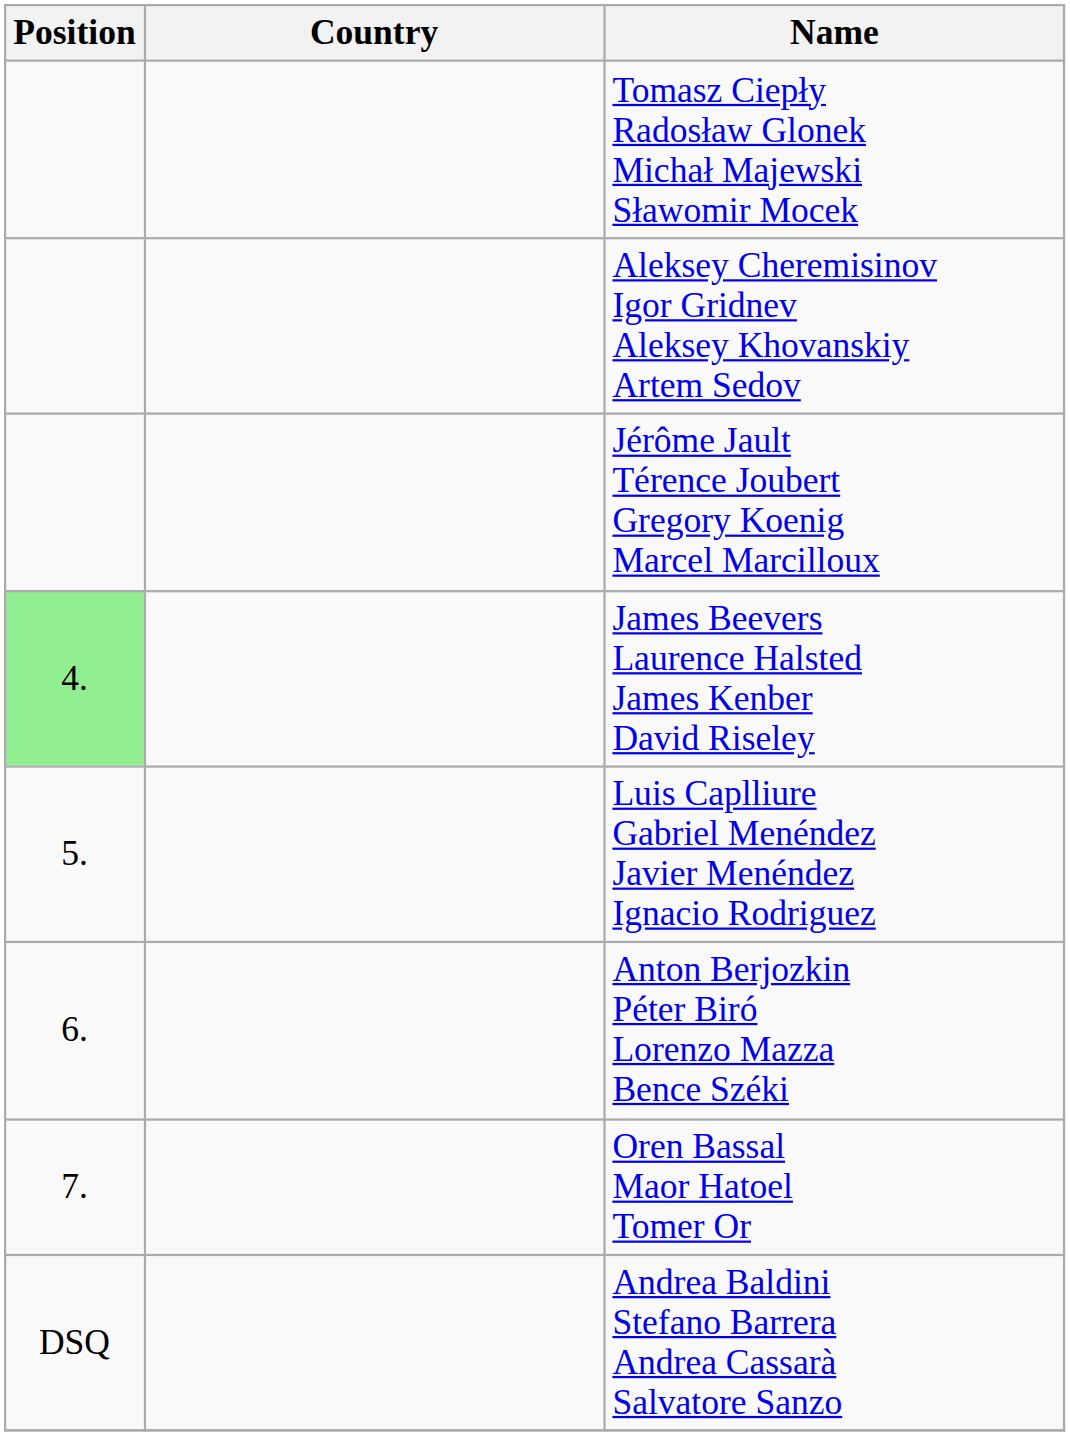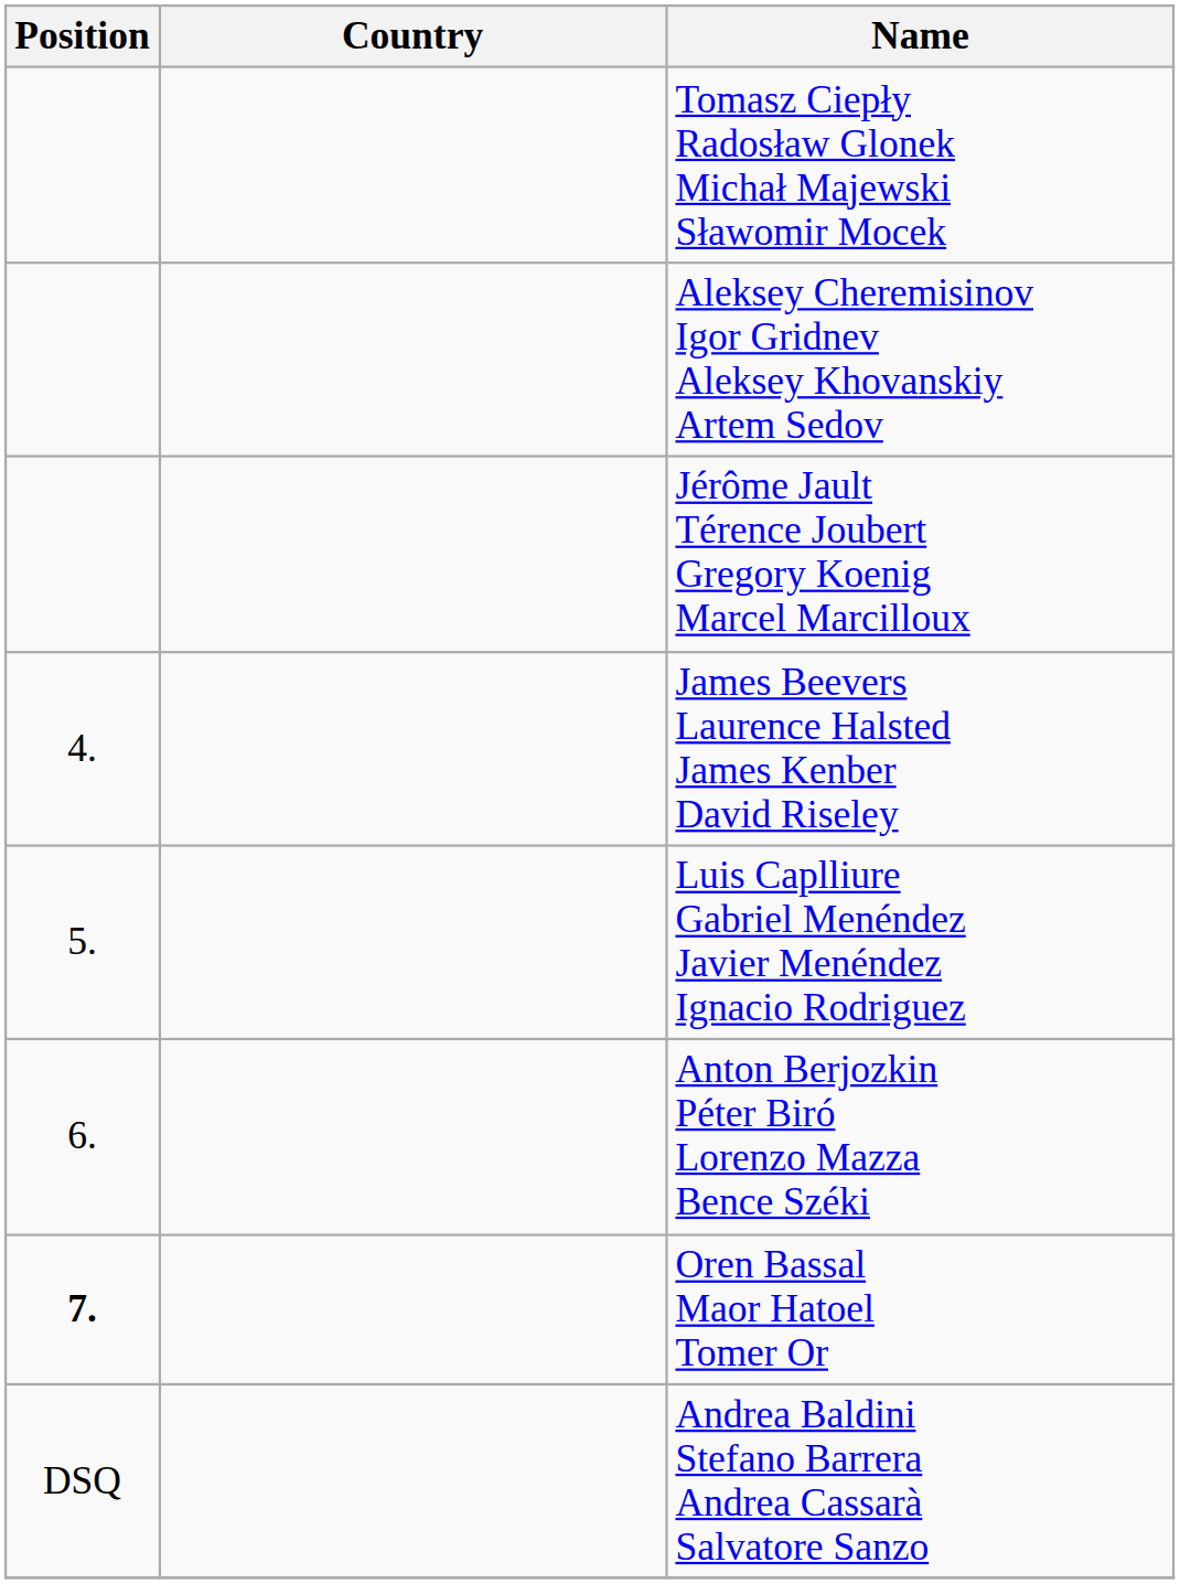 <table class="wikitable">
 <tr>
 <th width="10">Position</th>
 <th width="200">Country</th>
 <th width="200">Name</th>
 </tr>
 <tr>
 <td align="center"></td>
 <td></td>
 <td><a href='#'>Tomasz Ciepły</a><br><a href='#'>Radosław Glonek</a><br><a href='#'>Michał Majewski</a><br><a href='#'>Sławomir Mocek</a></td>
 </tr>
 <tr>
 <td align="center"></td>
 <td></td>
 <td><a href='#'>Aleksey Cheremisinov</a><br><a href='#'>Igor Gridnev</a><br><a href='#'>Aleksey Khovanskiy</a><br><a href='#'>Artem Sedov</a></td>
 </tr>
 <tr>
 <td align="center"></td>
 <td></td>
 <td><a href='#'>Jérôme Jault</a><br><a href='#'>Térence Joubert</a><br><a href='#'>Gregory Koenig</a><br><a href='#'>Marcel Marcilloux</a></td>
 </tr>
 <tr>
-<td align="center" style="background: lightgreen;">4.</td>
+<td align="center">4.</td>
 <td></td>
 <td><a href='#'>James Beevers</a><br><a href='#'>Laurence Halsted</a><br><a href='#'>James Kenber</a><br><a href='#'>David Riseley</a></td>
 </tr>
 <tr>
 <td align="center">5.</td>
 <td></td>
 <td><a href='#'>Luis Caplliure</a><br><a href='#'>Gabriel Menéndez</a><br><a href='#'>Javier Menéndez</a><br><a href='#'>Ignacio Rodriguez</a></td>
 </tr>
 <tr>
 <td align="center">6.</td>
 <td></td>
 <td><a href='#'>Anton Berjozkin</a><br><a href='#'>Péter Biró</a><br><a href='#'>Lorenzo Mazza</a><br><a href='#'>Bence Széki</a></td>
 </tr>
 <tr>
-<td align="center">7.</td>
+<td align="center"><strong>7.</strong></td>
 <td></td>
 <td><a href='#'>Oren Bassal</a><br><a href='#'>Maor Hatoel</a> <br><a href='#'>Tomer Or</a></td>
 </tr>
 <tr>
 <td align="center">DSQ</td>
 <td></td>
 <td><a href='#'>Andrea Baldini</a><br><a href='#'>Stefano Barrera</a><br><a href='#'>Andrea Cassarà</a><br><a href='#'>Salvatore Sanzo</a></td>
 </tr>
 <tr>
 </tr>
 </table>
